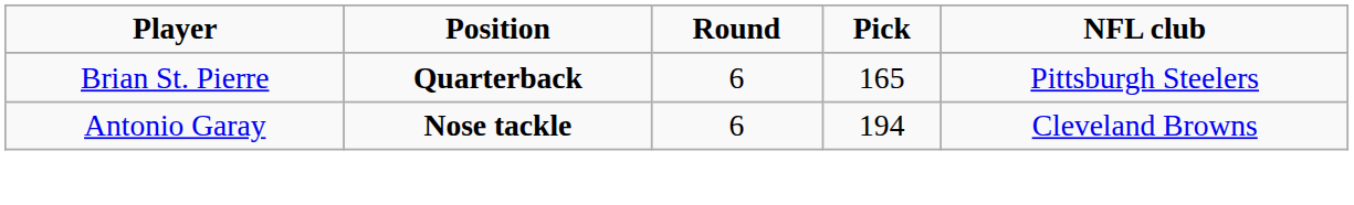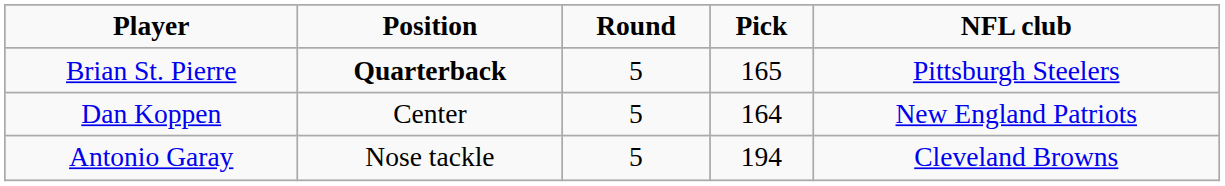 <table class="wikitable" width="80%">
 <tr align="center">
 <td><strong>Player</strong></td>
 <td><strong>Position</strong></td>
 <td><strong>Round</strong></td>
 <td><strong>Pick</strong></td>
 <td><strong>NFL club</strong></td>
 </tr>
 <tr align="center" bgcolor="">
 <td><a href='#'>Brian St. Pierre</a></td>
 <td><strong>Quarterback</strong></td>
-<td>6</td>
+<td>5</td>
 <td>165</td>
 <td><a href='#'>Pittsburgh Steelers</a></td>
 </tr>
 <tr align="center" bgcolor="">
+<td><a href='#'>Dan Koppen</a></td>
+<td>Center</td>
+<td>5</td>
+<td>164</td>
+<td><a href='#'>New England Patriots</a></td>
+</tr>
+<tr align="center" bgcolor="">
 <td><a href='#'>Antonio Garay</a></td>
-<td><strong>Nose tackle</strong></td>
-<td>6</td>
+<td>Nose tackle</td>
+<td>5</td>
 <td>194</td>
 <td><a href='#'>Cleveland Browns</a></td>
 </tr>
 </table>
